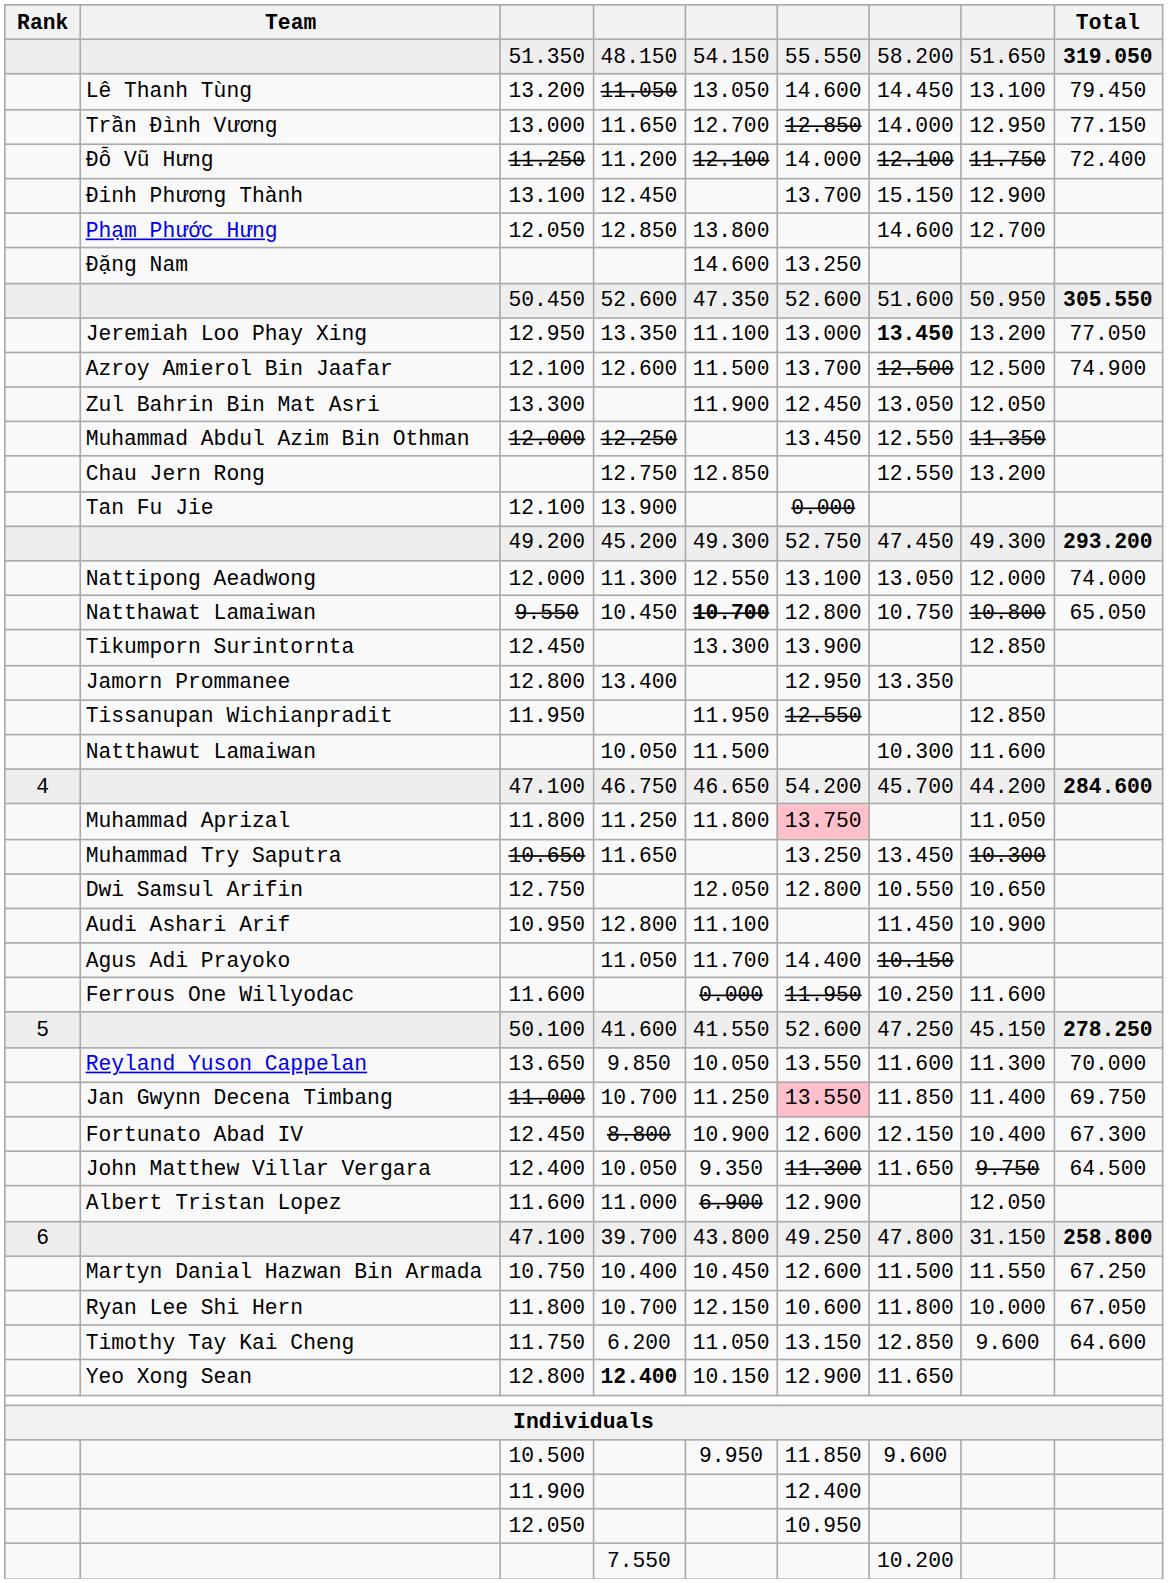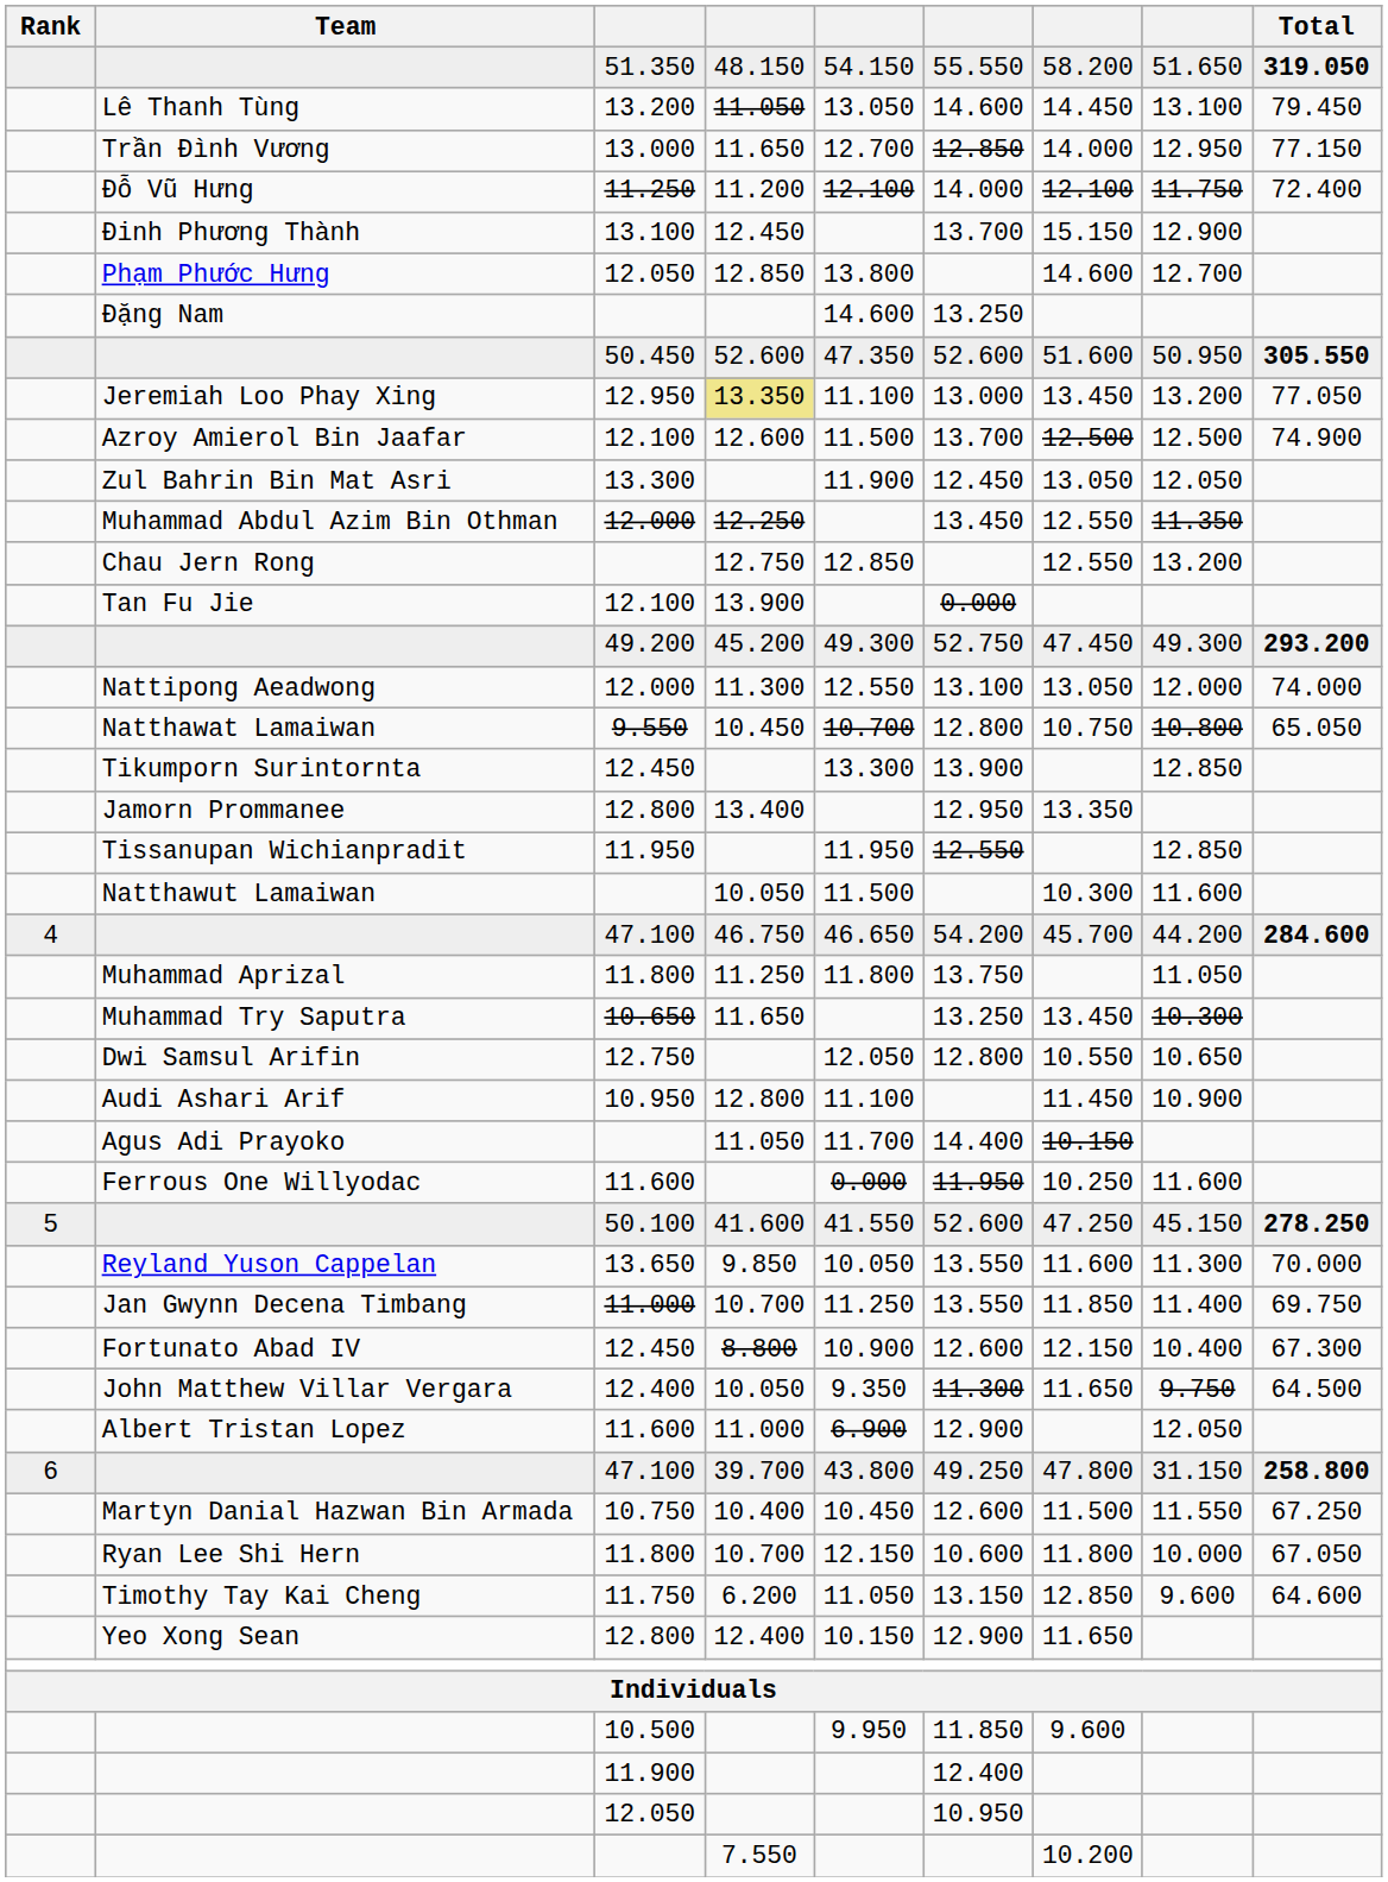 <table class=wikitable style="text-align:center">
 <tr>
 <th width=40>Rank</th>
 <th width=250>Team</th>
 <th width=50></th>
 <th width=50></th>
 <th width=50></th>
 <th width=50></th>
 <th width=50></th>
 <th width=50></th>
 <th width=60>Total</th>
 </tr>
 <tr bgcolor=eeeeee>
 <td></td>
 <td align="left"></td>
 <td>51.350</td>
 <td>48.150</td>
 <td>54.150</td>
 <td>55.550</td>
 <td>58.200</td>
 <td>51.650</td>
 <td><strong>319.050</strong></td>
 </tr>
 <tr>
 <td></td>
 <td align=left>Lê Thanh Tùng</td>
 <td>13.200</td>
 <td><s>11.050</s></td>
 <td>13.050</td>
 <td>14.600</td>
 <td>14.450</td>
 <td>13.100</td>
 <td>79.450</td>
 </tr>
 <tr>
 <td></td>
 <td align=left>Trần Đình Vương</td>
 <td>13.000</td>
 <td>11.650</td>
 <td>12.700</td>
 <td><s>12.850</s></td>
 <td>14.000</td>
 <td>12.950</td>
 <td>77.150</td>
 </tr>
 <tr>
 <td></td>
 <td align=left>Đỗ Vũ Hưng</td>
 <td><s>11.250</s></td>
 <td>11.200</td>
 <td><s>12.100</s></td>
 <td>14.000</td>
 <td><s>12.100</s></td>
 <td><s>11.750</s></td>
 <td>72.400</td>
 </tr>
 <tr>
 <td></td>
 <td align=left>Đinh Phương Thành</td>
 <td>13.100</td>
 <td>12.450</td>
 <td></td>
 <td>13.700</td>
 <td>15.150</td>
 <td>12.900</td>
 <td></td>
 </tr>
 <tr>
 <td></td>
 <td align=left><a href='#'>Phạm Phước Hưng</a></td>
 <td>12.050</td>
 <td>12.850</td>
 <td>13.800</td>
 <td></td>
 <td>14.600</td>
 <td>12.700</td>
 <td></td>
 </tr>
 <tr>
 <td></td>
 <td align=left>Đặng Nam</td>
 <td></td>
 <td></td>
 <td>14.600</td>
 <td>13.250</td>
 <td></td>
 <td></td>
 <td></td>
 </tr>
 <tr bgcolor=eeeeee>
 <td></td>
 <td align="left"></td>
 <td>50.450</td>
 <td>52.600</td>
 <td>47.350</td>
 <td>52.600</td>
 <td>51.600</td>
 <td>50.950</td>
 <td><strong>305.550</strong></td>
 </tr>
 <tr>
 <td></td>
 <td align=left>Jeremiah Loo Phay Xing</td>
 <td>12.950</td>
-<td>13.350</td>
+<td style="background: khaki;">13.350</td>
 <td>11.100</td>
 <td>13.000</td>
-<td><strong>13.450</strong></td>
+<td>13.450</td>
 <td>13.200</td>
 <td>77.050</td>
 </tr>
 <tr>
 <td></td>
 <td align=left>Azroy Amierol Bin Jaafar</td>
 <td>12.100</td>
 <td>12.600</td>
 <td>11.500</td>
 <td>13.700</td>
 <td><s>12.500</s></td>
 <td>12.500</td>
 <td>74.900</td>
 </tr>
 <tr>
 <td></td>
 <td align=left>Zul Bahrin Bin Mat Asri</td>
 <td>13.300</td>
 <td></td>
 <td>11.900</td>
 <td>12.450</td>
 <td>13.050</td>
 <td>12.050</td>
 <td></td>
 </tr>
 <tr>
 <td></td>
 <td align=left>Muhammad Abdul Azim Bin Othman</td>
 <td><s>12.000</s></td>
 <td><s>12.250</s></td>
 <td></td>
 <td>13.450</td>
 <td>12.550</td>
 <td><s>11.350</s></td>
 <td></td>
 </tr>
 <tr>
 <td></td>
 <td align=left>Chau Jern Rong</td>
 <td></td>
 <td>12.750</td>
 <td>12.850</td>
 <td></td>
 <td>12.550</td>
 <td>13.200</td>
 <td></td>
 </tr>
 <tr>
 <td></td>
 <td align=left>Tan Fu Jie</td>
 <td>12.100</td>
 <td>13.900</td>
 <td></td>
 <td><s>0.000</s></td>
 <td></td>
 <td></td>
 <td></td>
 </tr>
 <tr bgcolor=eeeeee>
 <td></td>
 <td align="left"></td>
 <td>49.200</td>
 <td>45.200</td>
 <td>49.300</td>
 <td>52.750</td>
 <td>47.450</td>
 <td>49.300</td>
 <td><strong>293.200</strong></td>
 </tr>
 <tr>
 <td></td>
 <td align=left>Nattipong Aeadwong</td>
 <td>12.000</td>
 <td>11.300</td>
 <td>12.550</td>
 <td>13.100</td>
 <td>13.050</td>
 <td>12.000</td>
 <td>74.000</td>
 </tr>
 <tr>
 <td></td>
 <td align=left>Natthawat Lamaiwan</td>
 <td><s>9.550</s></td>
 <td>10.450</td>
-<td><strong><s>10.700</s></strong></td>
+<td><s>10.700</s></td>
 <td>12.800</td>
 <td>10.750</td>
 <td><s>10.800</s></td>
 <td>65.050</td>
 </tr>
 <tr>
 <td></td>
 <td align=left>Tikumporn Surintornta</td>
 <td>12.450</td>
 <td></td>
 <td>13.300</td>
 <td>13.900</td>
 <td></td>
 <td>12.850</td>
 <td></td>
 </tr>
 <tr>
 <td></td>
 <td align=left>Jamorn Prommanee</td>
 <td>12.800</td>
 <td>13.400</td>
 <td></td>
 <td>12.950</td>
 <td>13.350</td>
 <td></td>
 <td></td>
 </tr>
 <tr>
 <td></td>
 <td align=left>Tissanupan Wichianpradit</td>
 <td>11.950</td>
 <td></td>
 <td>11.950</td>
 <td><s>12.550</s></td>
 <td></td>
 <td>12.850</td>
 <td></td>
 </tr>
 <tr>
 <td></td>
 <td align=left>Natthawut Lamaiwan</td>
 <td></td>
 <td>10.050</td>
 <td>11.500</td>
 <td></td>
 <td>10.300</td>
 <td>11.600</td>
 <td></td>
 </tr>
 <tr bgcolor=eeeeee>
 <td>4</td>
 <td align="left"></td>
 <td>47.100</td>
 <td>46.750</td>
 <td>46.650</td>
 <td>54.200</td>
 <td>45.700</td>
 <td>44.200</td>
 <td><strong>284.600</strong></td>
 </tr>
 <tr>
 <td></td>
 <td align=left>Muhammad Aprizal</td>
 <td>11.800</td>
 <td>11.250</td>
 <td>11.800</td>
-<td style="background: pink;">13.750</td>
+<td>13.750</td>
 <td></td>
 <td>11.050</td>
 <td></td>
 </tr>
 <tr>
 <td></td>
 <td align=left>Muhammad Try Saputra</td>
 <td><s>10.650</s></td>
 <td>11.650</td>
 <td></td>
 <td>13.250</td>
 <td>13.450</td>
 <td><s>10.300</s></td>
 <td></td>
 </tr>
 <tr>
 <td></td>
 <td align=left>Dwi Samsul Arifin</td>
 <td>12.750</td>
 <td></td>
 <td>12.050</td>
 <td>12.800</td>
 <td>10.550</td>
 <td>10.650</td>
 <td></td>
 </tr>
 <tr>
 <td></td>
 <td align=left>Audi Ashari Arif</td>
 <td>10.950</td>
 <td>12.800</td>
 <td>11.100</td>
 <td></td>
 <td>11.450</td>
 <td>10.900</td>
 <td></td>
 </tr>
 <tr>
 <td></td>
 <td align=left>Agus Adi Prayoko</td>
 <td></td>
 <td>11.050</td>
 <td>11.700</td>
 <td>14.400</td>
 <td><s>10.150</s></td>
 <td></td>
 <td></td>
 </tr>
 <tr>
 <td></td>
 <td align=left>Ferrous One Willyodac</td>
 <td>11.600</td>
 <td></td>
 <td><s>0.000</s></td>
 <td><s>11.950</s></td>
 <td>10.250</td>
 <td>11.600</td>
 <td></td>
 </tr>
 <tr bgcolor=eeeeee>
 <td>5</td>
 <td align="left"></td>
 <td>50.100</td>
 <td>41.600</td>
 <td>41.550</td>
 <td>52.600</td>
 <td>47.250</td>
 <td>45.150</td>
 <td><strong>278.250</strong></td>
 </tr>
 <tr>
 <td></td>
 <td align=left><a href='#'>Reyland Yuson Cappelan</a></td>
 <td>13.650</td>
 <td>9.850</td>
 <td>10.050</td>
 <td>13.550</td>
 <td>11.600</td>
 <td>11.300</td>
 <td>70.000</td>
 </tr>
 <tr>
 <td></td>
 <td align=left>Jan Gwynn Decena Timbang</td>
 <td><s>11.000</s></td>
 <td>10.700</td>
 <td>11.250</td>
-<td style="background: pink;">13.550</td>
+<td>13.550</td>
 <td>11.850</td>
 <td>11.400</td>
 <td>69.750</td>
 </tr>
 <tr>
 <td></td>
 <td align=left>Fortunato Abad IV</td>
 <td>12.450</td>
 <td><s>8.800</s></td>
 <td>10.900</td>
 <td>12.600</td>
 <td>12.150</td>
 <td>10.400</td>
 <td>67.300</td>
 </tr>
 <tr>
 <td></td>
 <td align=left>John Matthew Villar Vergara</td>
 <td>12.400</td>
 <td>10.050</td>
 <td>9.350</td>
 <td><s>11.300</s></td>
 <td>11.650</td>
 <td><s>9.750</s></td>
 <td>64.500</td>
 </tr>
 <tr>
 <td></td>
 <td align=left>Albert Tristan Lopez</td>
 <td>11.600</td>
 <td>11.000</td>
 <td><s>6.900</s></td>
 <td>12.900</td>
 <td></td>
 <td>12.050</td>
 <td></td>
 </tr>
 <tr bgcolor=eeeeee>
 <td>6</td>
 <td align="left"></td>
 <td>47.100</td>
 <td>39.700</td>
 <td>43.800</td>
 <td>49.250</td>
 <td>47.800</td>
 <td>31.150</td>
 <td><strong>258.800</strong></td>
 </tr>
 <tr>
 <td></td>
 <td align=left>Martyn Danial Hazwan Bin Armada</td>
 <td>10.750</td>
 <td>10.400</td>
 <td>10.450</td>
 <td>12.600</td>
 <td>11.500</td>
 <td>11.550</td>
 <td>67.250</td>
 </tr>
 <tr>
 <td></td>
 <td align=left>Ryan Lee Shi Hern</td>
 <td>11.800</td>
 <td>10.700</td>
 <td>12.150</td>
 <td>10.600</td>
 <td>11.800</td>
 <td>10.000</td>
 <td>67.050</td>
 </tr>
 <tr>
 <td></td>
 <td align=left>Timothy Tay Kai Cheng</td>
 <td>11.750</td>
 <td>6.200</td>
 <td>11.050</td>
 <td>13.150</td>
 <td>12.850</td>
 <td>9.600</td>
 <td>64.600</td>
 </tr>
 <tr>
 <td></td>
 <td align=left>Yeo Xong Sean</td>
 <td>12.800</td>
-<td><strong>12.400</strong></td>
+<td>12.400</td>
 <td>10.150</td>
 <td>12.900</td>
 <td>11.650</td>
 <td></td>
 <td></td>
 </tr>
 <tr>
 <th colspan=9 style="background-color:#ffffff;"></th>
 </tr>
 <tr>
 <th colspan=9>Individuals</th>
 </tr>
 <tr>
 <td></td>
 <td align=left></td>
 <td>10.500</td>
 <td></td>
 <td>9.950</td>
 <td>11.850</td>
 <td>9.600</td>
 <td></td>
 <td></td>
 </tr>
 <tr>
 <td></td>
 <td align=left></td>
 <td>11.900</td>
 <td></td>
 <td></td>
 <td>12.400</td>
 <td></td>
 <td></td>
 <td></td>
 </tr>
 <tr>
 <td></td>
 <td align=left></td>
 <td>12.050</td>
 <td></td>
 <td></td>
 <td>10.950</td>
 <td></td>
 <td></td>
 <td></td>
 </tr>
 <tr>
 <td></td>
 <td align=left></td>
 <td></td>
 <td>7.550</td>
 <td></td>
 <td></td>
 <td>10.200</td>
 <td></td>
 <td></td>
 </tr>
 </table>
